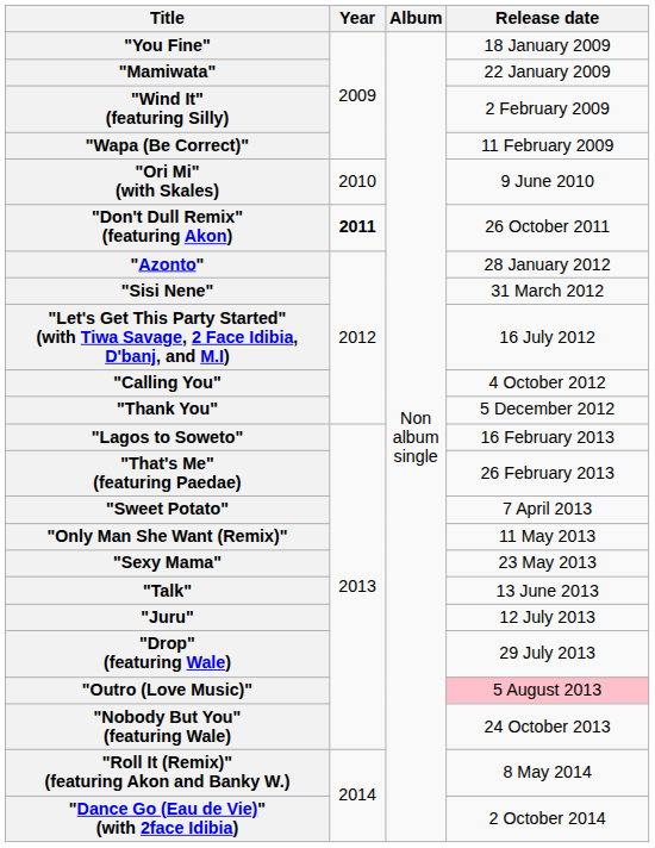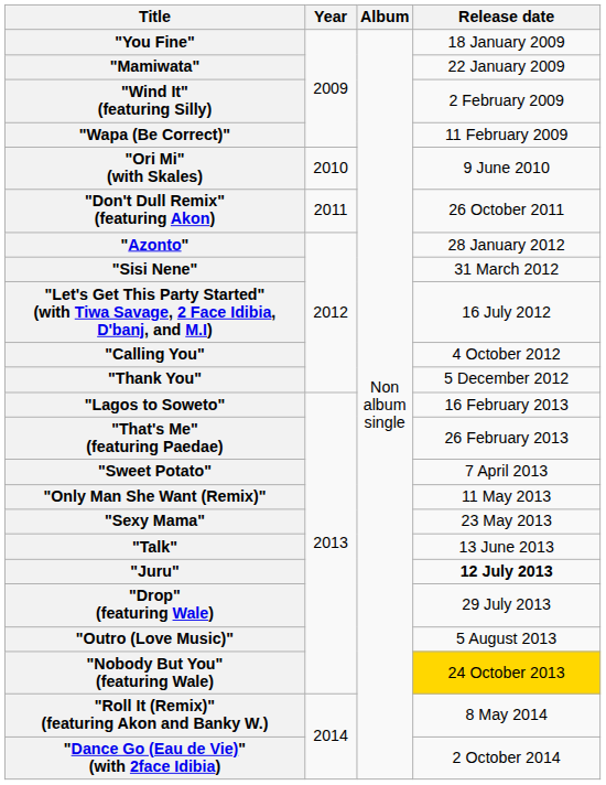 <table class="wikitable plainrowheaders" style="text-align:center;">
 <tr>
 <th scope="col" style="width:21.5em;">Title</th>
 <th scope="col" style="width:3em;">Year</th>
 <th scope="col">Album</th>
 <th scope="col" style="width:13em;">Release date</th>
 </tr>
 <tr>
 <th scope="row">"You Fine"</th>
 <td rowspan="4">2009</td>
 <td rowspan="23">Non album single</td>
 <td>18 January 2009</td>
 </tr>
 <tr>
 <th scope="row">"Mamiwata"</th>
 <td>22 January 2009</td>
 </tr>
 <tr>
 <th scope="row">"Wind It" <br><span>(featuring Silly)</span></th>
 <td>2 February 2009</td>
 </tr>
 <tr>
 <th scope="row">"Wapa (Be Correct)"</th>
 <td>11 February 2009</td>
 </tr>
 <tr>
 <th scope="row">"Ori Mi"<br><span>(with Skales)</span></th>
 <td>2010</td>
 <td>9 June 2010</td>
 </tr>
 <tr>
 <th scope="row">"Don't Dull Remix"<br><span>(featuring <a href='#'>Akon</a>)</span></th>
-<td><strong>2011</strong></td>
+<td>2011</td>
 <td>26 October 2011</td>
 </tr>
 <tr>
 <th scope="row">"<a href='#'>Azonto</a>"</th>
 <td rowspan="5">2012</td>
 <td>28 January 2012</td>
 </tr>
 <tr>
 <th scope="row">"Sisi Nene"</th>
 <td>31 March 2012</td>
 </tr>
 <tr>
 <th scope="row">"Let's Get This Party Started"<br><span>(with <a href='#'>Tiwa Savage</a>, <a href='#'>2 Face Idibia</a>, <a href='#'>D'banj</a>, and <a href='#'>M.I</a>)</span></th>
 <td>16 July 2012</td>
 </tr>
 <tr>
 <th scope="row">"Calling You"</th>
 <td>4 October 2012</td>
 </tr>
 <tr>
 <th scope="row">"Thank You"</th>
 <td>5 December 2012</td>
 </tr>
 <tr>
 <th scope="row">"Lagos to Soweto"</th>
 <td rowspan="10">2013</td>
 <td>16 February 2013</td>
 </tr>
 <tr>
 <th scope="row">"That's Me"<br><span>(featuring Paedae)</span></th>
 <td>26 February 2013</td>
 </tr>
 <tr>
 <th scope="row">"Sweet Potato"</th>
 <td>7 April 2013</td>
 </tr>
 <tr>
 <th scope="row">"Only Man She Want (Remix)"</th>
 <td>11 May 2013</td>
 </tr>
 <tr>
 <th scope="row">"Sexy Mama"</th>
 <td>23 May 2013</td>
 </tr>
 <tr>
 <th scope="row">"Talk"</th>
 <td>13 June 2013</td>
 </tr>
 <tr>
 <th scope="row">"Juru"</th>
-<td>12 July 2013</td>
+<td><strong>12 July 2013</strong></td>
 </tr>
 <tr>
 <th scope="row">"Drop"<br><span>(featuring <a href='#'>Wale</a>)</span></th>
 <td>29 July 2013</td>
 </tr>
 <tr>
 <th scope="row">"Outro (Love Music)"</th>
-<td style="background: pink;">5 August 2013</td>
+<td>5 August 2013</td>
 </tr>
 <tr>
 <th scope="row">"Nobody But You"<br><span>(featuring Wale)</span></th>
-<td>24 October 2013</td>
+<td style="background: gold;">24 October 2013</td>
 </tr>
 <tr>
 <th scope="row">"Roll It (Remix)" <br><span>(featuring Akon and Banky W.)</span></th>
 <td rowspan="2">2014</td>
 <td>8 May 2014</td>
 </tr>
 <tr>
 <th scope="row">"<a href='#'>Dance Go (Eau de Vie)</a>"<br><span>(with <a href='#'>2face Idibia</a>)</span></th>
 <td>2 October 2014</td>
 </tr>
 </table>
